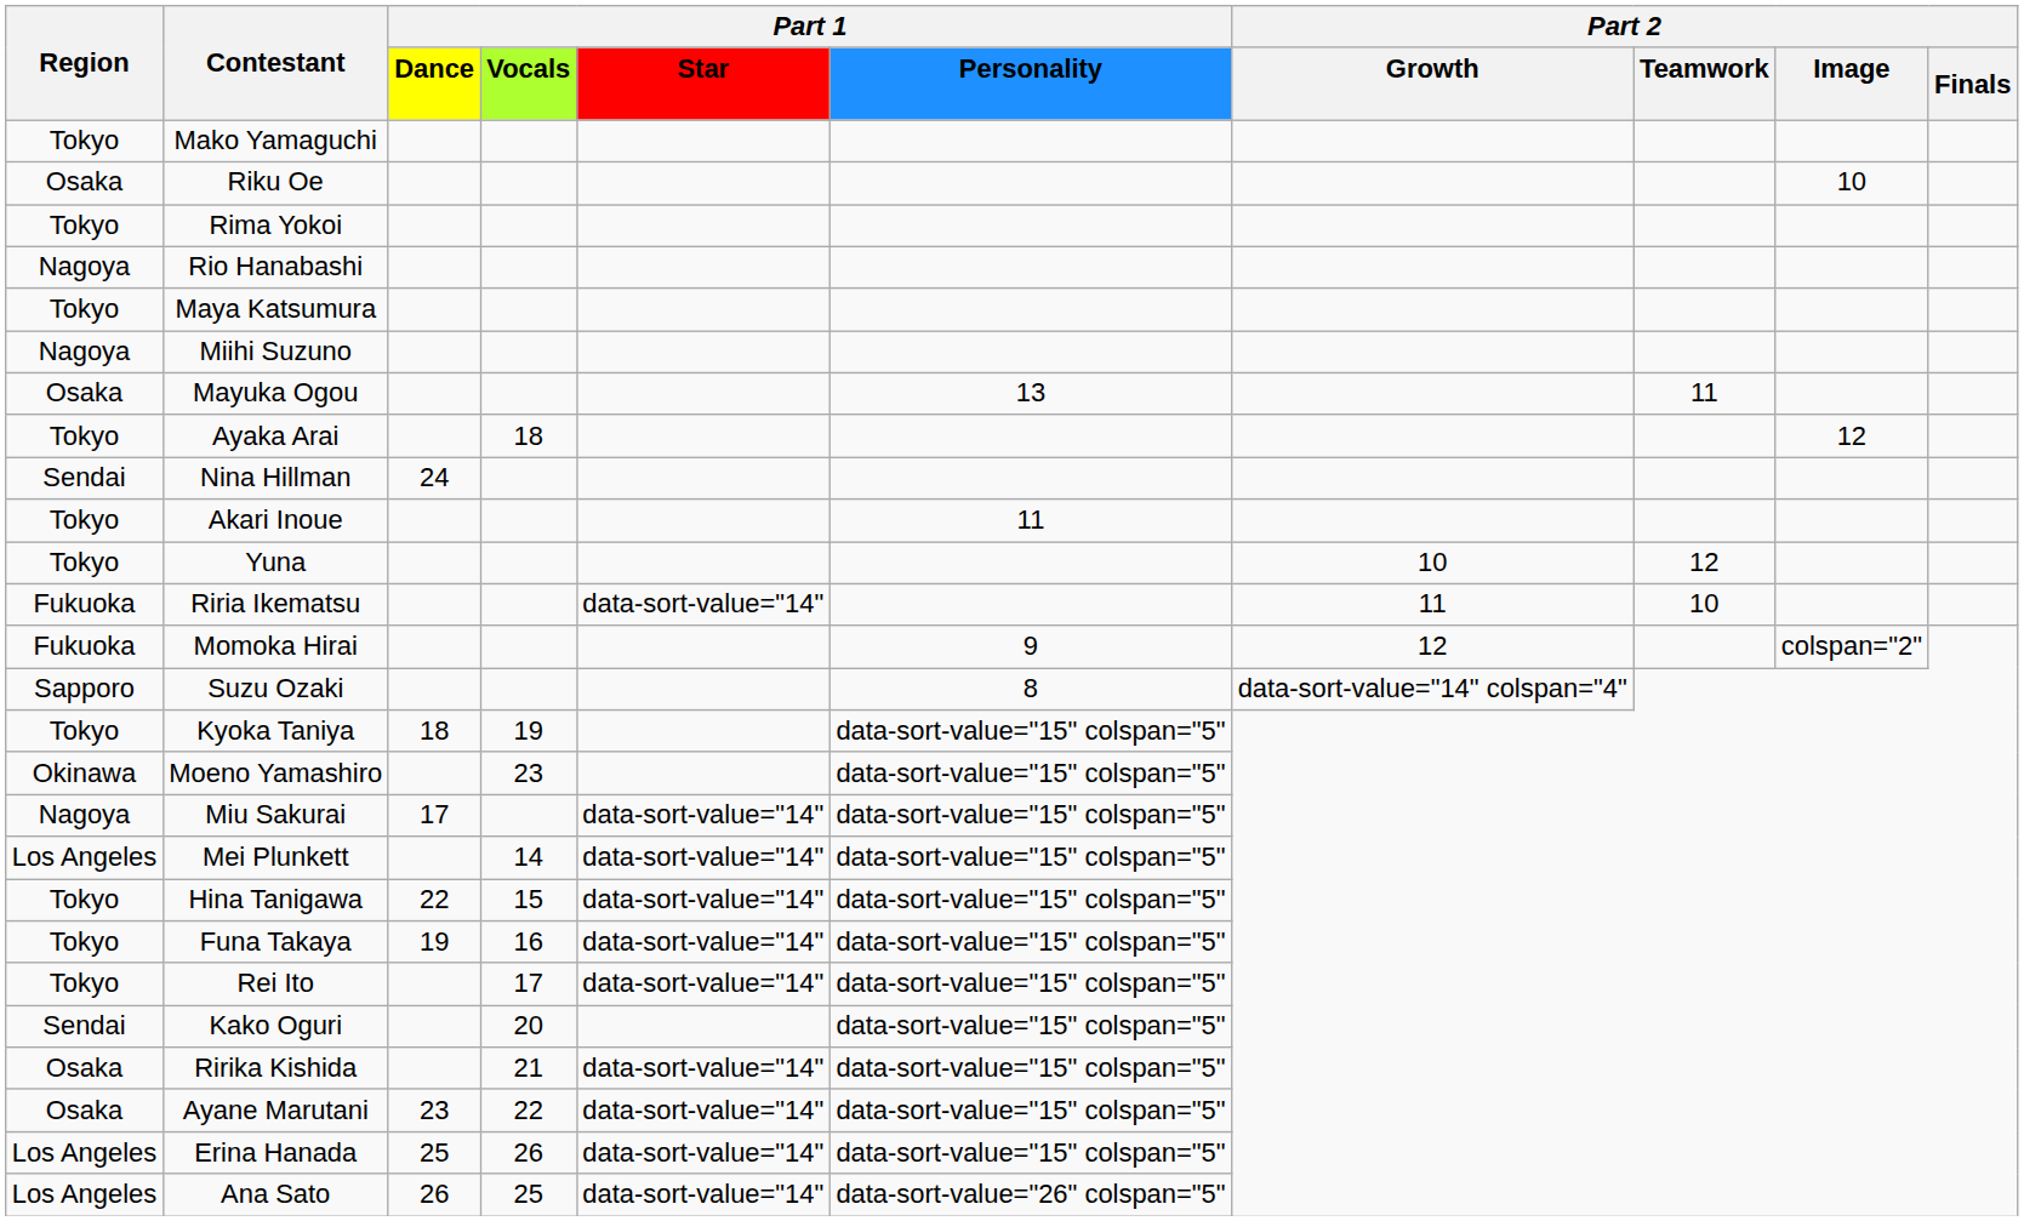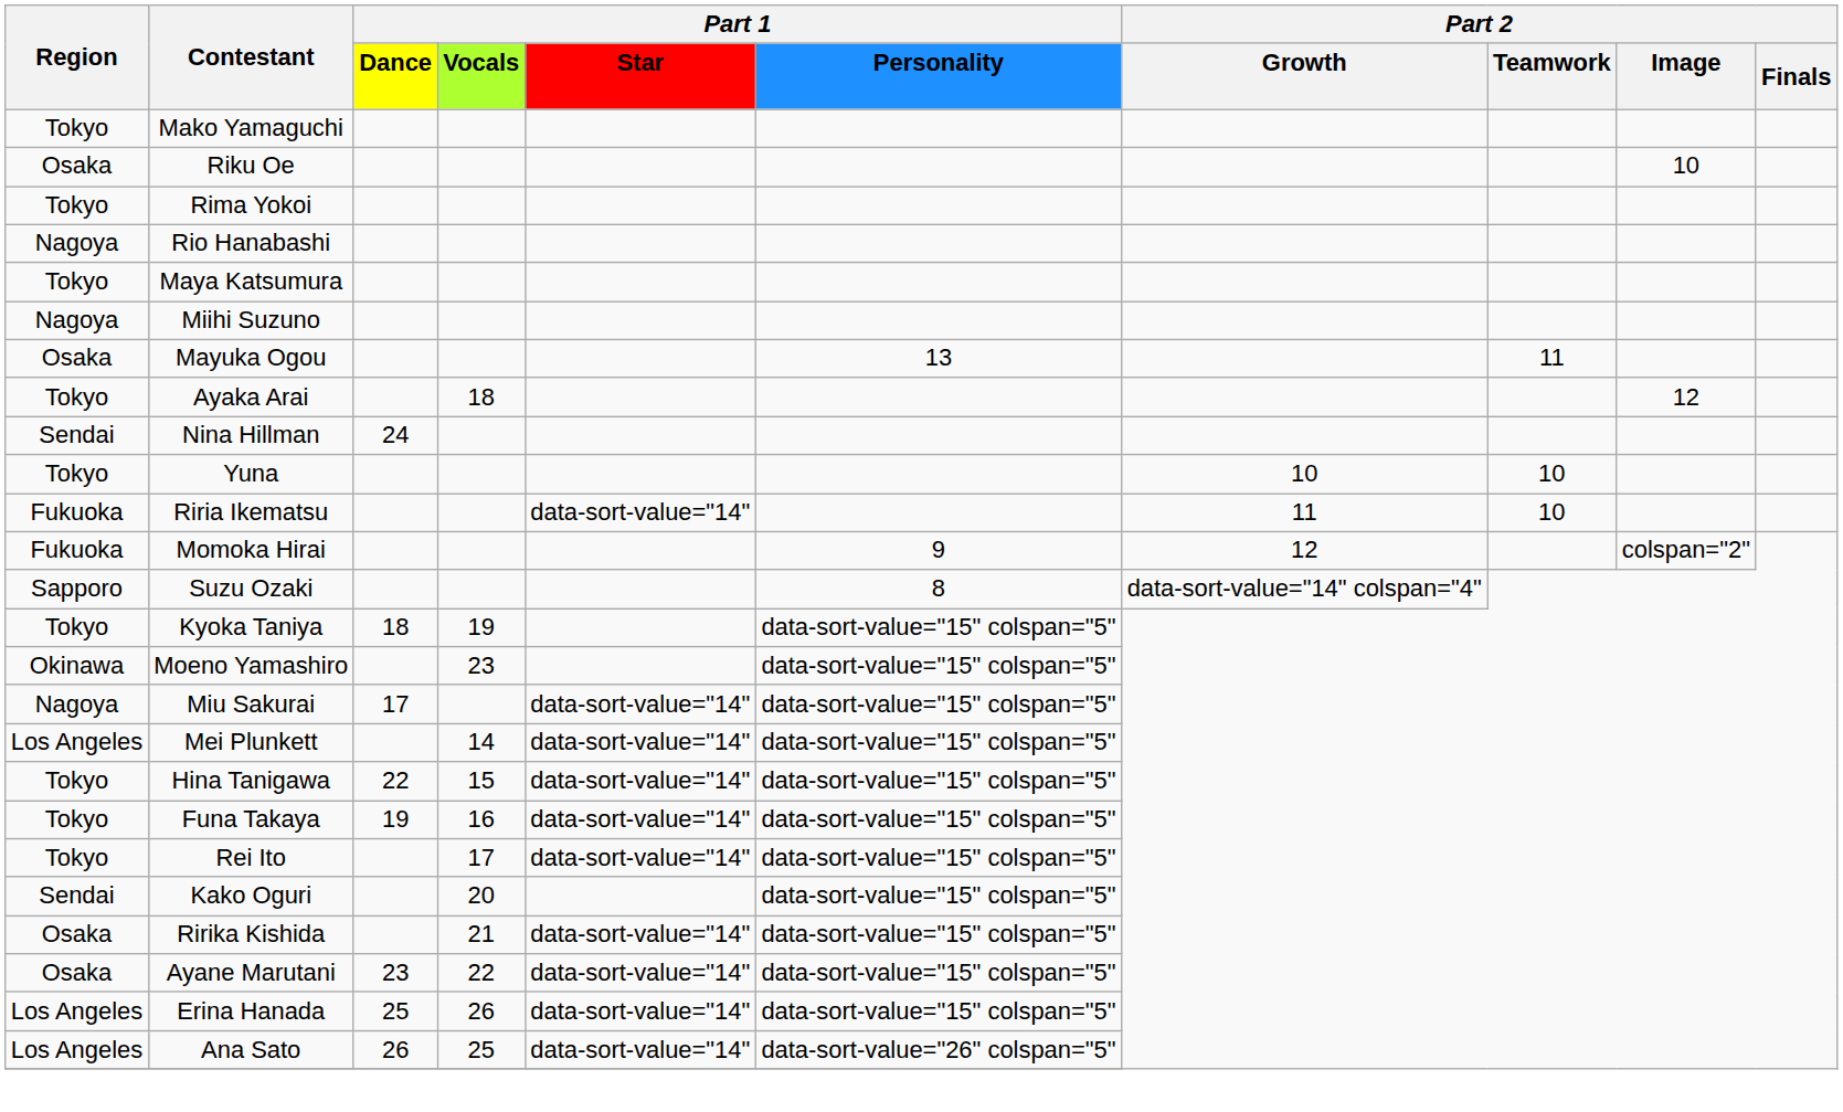 <table class="wikitable sortable" style="text-align:center;">
 <tr>
 <th rowspan="2">Region</th>
 <th rowspan="2">Contestant</th>
 <th colspan="4"><em>Part 1</em></th>
 <th colspan="4"><em>Part 2</em></th>
 </tr>
 <tr>
 <th style="background:yellow;">Dance<br><br></th>
 <th style="background:greenyellow;">Vocals<br><br></th>
 <th style="background:red;">Star<br><br></th>
 <th style="background:dodgerblue;">Personality<br><br></th>
 <th>Growth<br><br></th>
 <th>Teamwork<br><br></th>
 <th>Image<br><br></th>
 <th>Finals<br></th>
 </tr>
 <tr>
 <td>Tokyo</td>
 <td data-sort-value="Yamaguchi">Mako Yamaguchi</td>
 <td></td>
 <td></td>
 <td></td>
 <td></td>
 <td></td>
 <td></td>
 <td></td>
 <td></td>
 </tr>
 <tr>
 <td>Osaka</td>
 <td data-sort-value="Oe">Riku Oe</td>
 <td></td>
 <td></td>
 <td></td>
 <td></td>
 <td></td>
 <td></td>
 <td>10</td>
 <td></td>
 </tr>
 <tr>
 <td>Tokyo</td>
 <td data-sort-value="Yokoi">Rima Yokoi</td>
 <td></td>
 <td></td>
 <td></td>
 <td></td>
 <td></td>
 <td></td>
 <td></td>
 <td></td>
 </tr>
 <tr>
 <td>Nagoya</td>
 <td data-sort-value="Hanabashi">Rio Hanabashi</td>
 <td></td>
 <td></td>
 <td></td>
 <td></td>
 <td></td>
 <td></td>
 <td></td>
 <td></td>
 </tr>
 <tr>
 <td>Tokyo</td>
 <td data-sort-value="Katsumura">Maya Katsumura</td>
 <td></td>
 <td></td>
 <td></td>
 <td></td>
 <td></td>
 <td></td>
 <td></td>
 <td></td>
 </tr>
 <tr>
 <td>Nagoya</td>
 <td data-sort-value="Suzuno">Miihi Suzuno</td>
 <td></td>
 <td></td>
 <td></td>
 <td></td>
 <td></td>
 <td></td>
 <td></td>
 <td></td>
 </tr>
 <tr>
 <td>Osaka</td>
 <td data-sort-value="Ogou">Mayuka Ogou</td>
 <td></td>
 <td></td>
 <td></td>
 <td>13</td>
 <td></td>
 <td>11</td>
 <td></td>
 <td></td>
 </tr>
 <tr>
 <td>Tokyo</td>
 <td data-sort-value="Arai">Ayaka Arai</td>
 <td></td>
 <td>18</td>
 <td></td>
 <td></td>
 <td></td>
 <td></td>
 <td>12</td>
 <td></td>
 </tr>
 <tr>
 <td>Sendai</td>
 <td data-sort-value="Hillman">Nina Hillman</td>
 <td>24</td>
 <td></td>
 <td></td>
 <td></td>
 <td></td>
 <td></td>
 <td></td>
 <td></td>
 </tr>
 <tr>
 <td>Tokyo</td>
-<td data-sort-value="Inoue">Akari Inoue</td>
-<td></td>
-<td></td>
-<td></td>
-<td>11</td>
-<td></td>
-<td></td>
-<td></td>
-<td></td>
-</tr>
-<tr>
-<td>Tokyo</td>
 <td>Yuna</td>
 <td></td>
 <td></td>
 <td></td>
 <td></td>
 <td>10</td>
-<td>12</td>
+<td>10</td>
 <td></td>
 <td></td>
 </tr>
 <tr>
 <td>Fukuoka</td>
 <td data-sort-value="Ikematsu">Riria Ikematsu</td>
 <td></td>
 <td></td>
 <td>data-sort-value="14" </td>
 <td></td>
 <td>11</td>
 <td>10</td>
 <td></td>
 <td></td>
 </tr>
 <tr>
 <td>Fukuoka</td>
 <td data-sort-value="Hirai">Momoka Hirai</td>
 <td></td>
 <td></td>
 <td></td>
 <td>9</td>
 <td>12</td>
 <td></td>
 <td>colspan="2" </td>
 </tr>
 <tr>
 <td>Sapporo</td>
 <td data-sort-value="Ozaki">Suzu Ozaki</td>
 <td></td>
 <td></td>
 <td></td>
 <td>8</td>
 <td>data-sort-value="14" colspan="4" </td>
 </tr>
 <tr>
 <td>Tokyo</td>
 <td data-sort-value="Taniya">Kyoka Taniya</td>
 <td>18</td>
 <td>19</td>
 <td></td>
 <td>data-sort-value="15" colspan="5" </td>
 </tr>
 <tr>
 <td>Okinawa</td>
 <td data-sort-value="Yamashiro">Moeno Yamashiro</td>
 <td></td>
 <td>23</td>
 <td></td>
 <td>data-sort-value="15" colspan="5" </td>
 </tr>
 <tr>
 <td>Nagoya</td>
 <td data-sort-value="Sakurai">Miu Sakurai</td>
 <td>17</td>
 <td></td>
 <td>data-sort-value="14" </td>
 <td>data-sort-value="15" colspan="5" </td>
 </tr>
 <tr>
 <td>Los Angeles</td>
 <td data-sort-value="Plunkett">Mei Plunkett</td>
 <td></td>
 <td>14</td>
 <td>data-sort-value="14" </td>
 <td>data-sort-value="15" colspan="5" </td>
 </tr>
 <tr>
 <td>Tokyo</td>
 <td data-sort-value="Tanigawa">Hina Tanigawa</td>
 <td>22</td>
 <td>15</td>
 <td>data-sort-value="14" </td>
 <td>data-sort-value="15" colspan="5" </td>
 </tr>
 <tr>
 <td>Tokyo</td>
 <td data-sort-value="Takaya">Funa Takaya</td>
 <td>19</td>
 <td>16</td>
 <td>data-sort-value="14" </td>
 <td>data-sort-value="15" colspan="5" </td>
 </tr>
 <tr>
 <td>Tokyo</td>
 <td data-sort-value="Ito">Rei Ito</td>
 <td></td>
 <td>17</td>
 <td>data-sort-value="14" </td>
 <td>data-sort-value="15" colspan="5" </td>
 </tr>
 <tr>
 <td>Sendai</td>
 <td data-sort-value="Oguri">Kako Oguri</td>
 <td></td>
 <td>20</td>
 <td></td>
 <td>data-sort-value="15" colspan="5" </td>
 </tr>
 <tr>
 <td>Osaka</td>
 <td data-sort-value="Kishida">Ririka Kishida</td>
 <td></td>
 <td>21</td>
 <td>data-sort-value="14" </td>
 <td>data-sort-value="15" colspan="5" </td>
 </tr>
 <tr>
 <td>Osaka</td>
 <td data-sort-value="Marutani">Ayane Marutani</td>
 <td>23</td>
 <td>22</td>
 <td>data-sort-value="14" </td>
 <td>data-sort-value="15" colspan="5" </td>
 </tr>
 <tr>
 <td>Los Angeles</td>
 <td data-sort-value="Hanada">Erina Hanada</td>
 <td>25</td>
 <td>26</td>
 <td>data-sort-value="14" </td>
 <td>data-sort-value="15" colspan="5" </td>
 </tr>
 <tr>
 <td>Los Angeles</td>
 <td data-sort-value="Sato">Ana Sato</td>
 <td>26</td>
 <td>25</td>
 <td>data-sort-value="14" </td>
 <td>data-sort-value="26" colspan="5" </td>
 </tr>
 <tr>
 </tr>
 </table>
